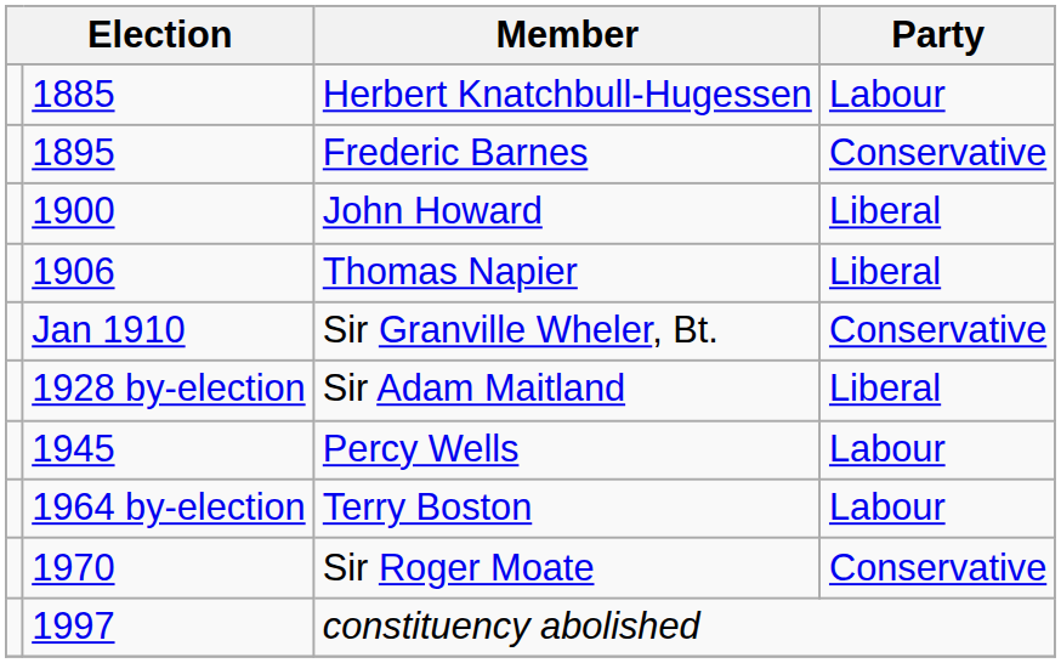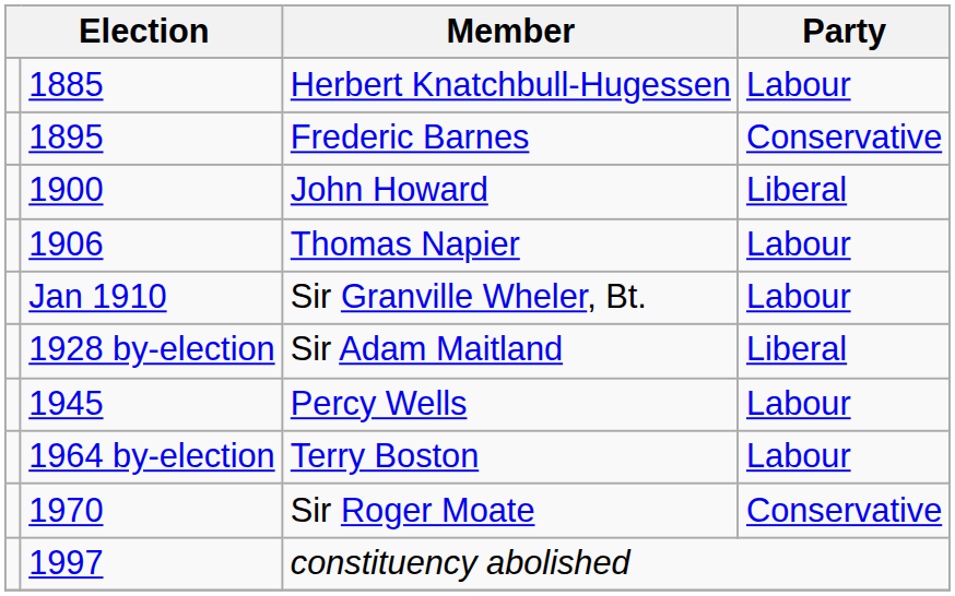 <table class="wikitable">
 <tr>
 <th colspan="2">Election</th>
 <th>Member</th>
 <th>Party</th>
 </tr>
 <tr>
 <td style="color:inherit;background-color: "></td>
 <td><a href='#'>1885</a></td>
 <td><a href='#'>Herbert Knatchbull-Hugessen</a></td>
 <td><a href='#'>Labour</a></td>
 </tr>
 <tr>
 <td style="color:inherit;background-color: "></td>
 <td><a href='#'>1895</a></td>
 <td><a href='#'>Frederic Barnes</a></td>
 <td><a href='#'>Conservative</a></td>
 </tr>
 <tr>
 <td style="color:inherit;background-color: "></td>
 <td><a href='#'>1900</a></td>
 <td><a href='#'>John Howard</a></td>
 <td><a href='#'>Liberal</a></td>
 </tr>
 <tr>
 <td style="color:inherit;background-color: "></td>
 <td><a href='#'>1906</a></td>
 <td><a href='#'>Thomas Napier</a></td>
-<td><a href='#'>Liberal</a></td>
+<td><a href='#'>Labour</a></td>
 </tr>
 <tr>
 <td style="color:inherit;background-color: "></td>
 <td><a href='#'>Jan 1910</a></td>
 <td>Sir <a href='#'>Granville Wheler</a>, Bt.</td>
-<td><a href='#'>Conservative</a></td>
+<td><a href='#'>Labour</a></td>
 </tr>
 <tr>
 <td style="color:inherit;background-color: "></td>
 <td><a href='#'>1928 by-election</a></td>
 <td>Sir <a href='#'>Adam Maitland</a></td>
 <td><a href='#'>Liberal</a></td>
 </tr>
 <tr>
 <td style="color:inherit;background-color: "></td>
 <td><a href='#'>1945</a></td>
 <td><a href='#'>Percy Wells</a></td>
 <td><a href='#'>Labour</a></td>
 </tr>
 <tr>
 <td style="color:inherit;background-color: "></td>
 <td><a href='#'>1964 by-election</a></td>
 <td><a href='#'>Terry Boston</a></td>
 <td><a href='#'>Labour</a></td>
 </tr>
 <tr>
 <td style="color:inherit;background-color: "></td>
 <td><a href='#'>1970</a></td>
 <td>Sir <a href='#'>Roger Moate</a></td>
 <td><a href='#'>Conservative</a></td>
 </tr>
 <tr>
 <td></td>
 <td><a href='#'>1997</a></td>
 <td colspan="2"><em>constituency abolished</em></td>
 </tr>
 <tr>
 </tr>
 </table>
